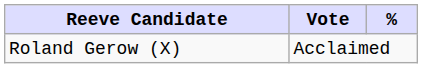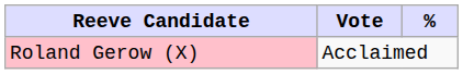 <table class="wikitable">
 <tr>
 <th style="background:#ddf; width:200px;">Reeve Candidate </th>
 <th style="background:#ddf; width:50px;">Vote</th>
 <th style="background:#ddf; width:30px;">%</th>
 </tr>
 <tr>
-<td>Roland Gerow (X)</td>
+<td style="background: pink;">Roland Gerow (X)</td>
 <td colspan="2">Acclaimed</td>
 </tr>
 </table>
